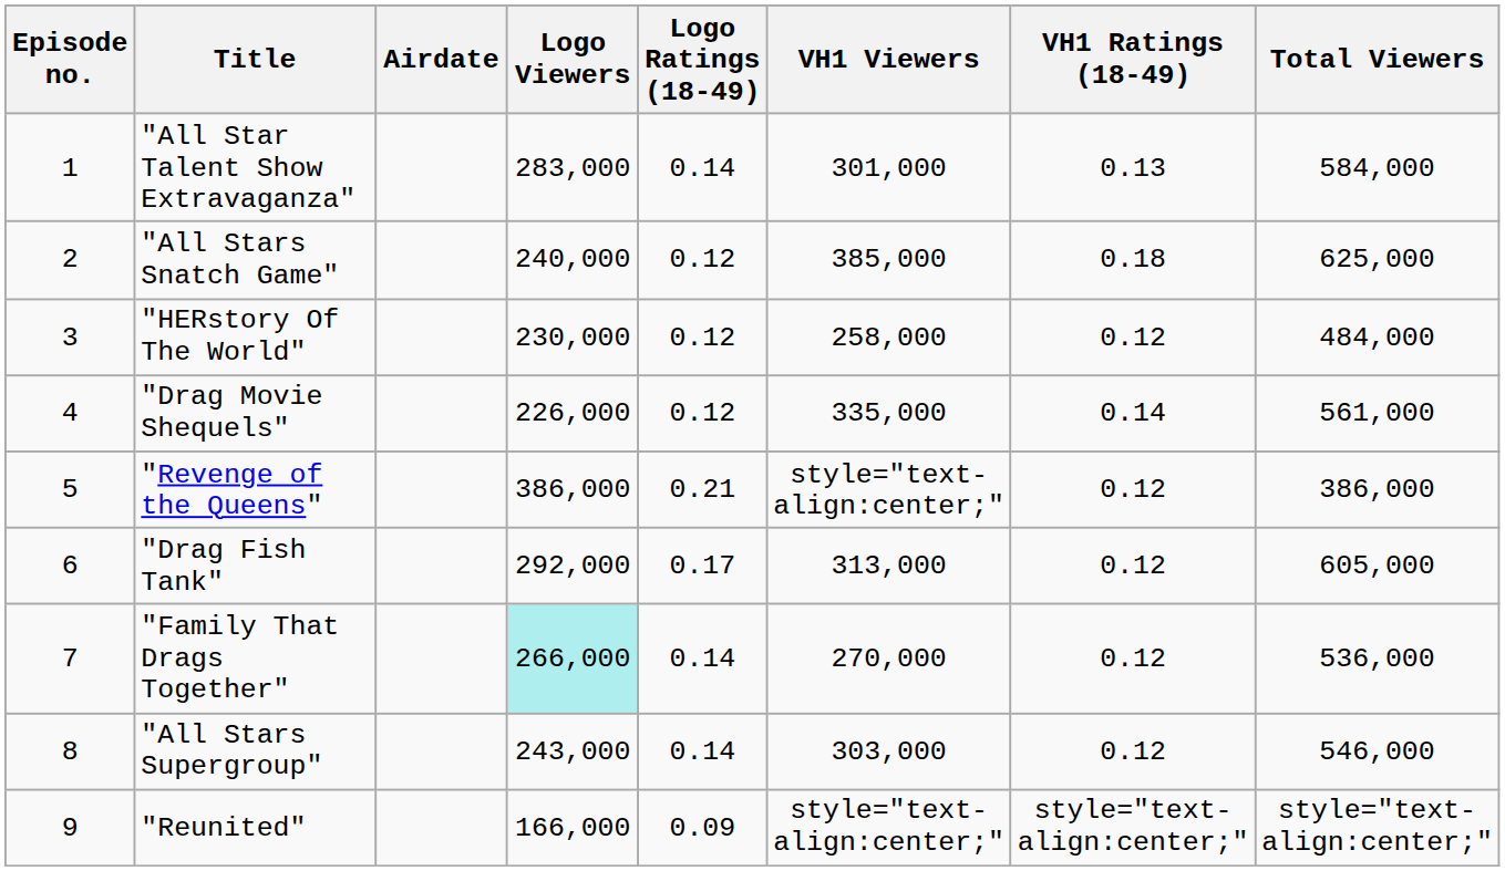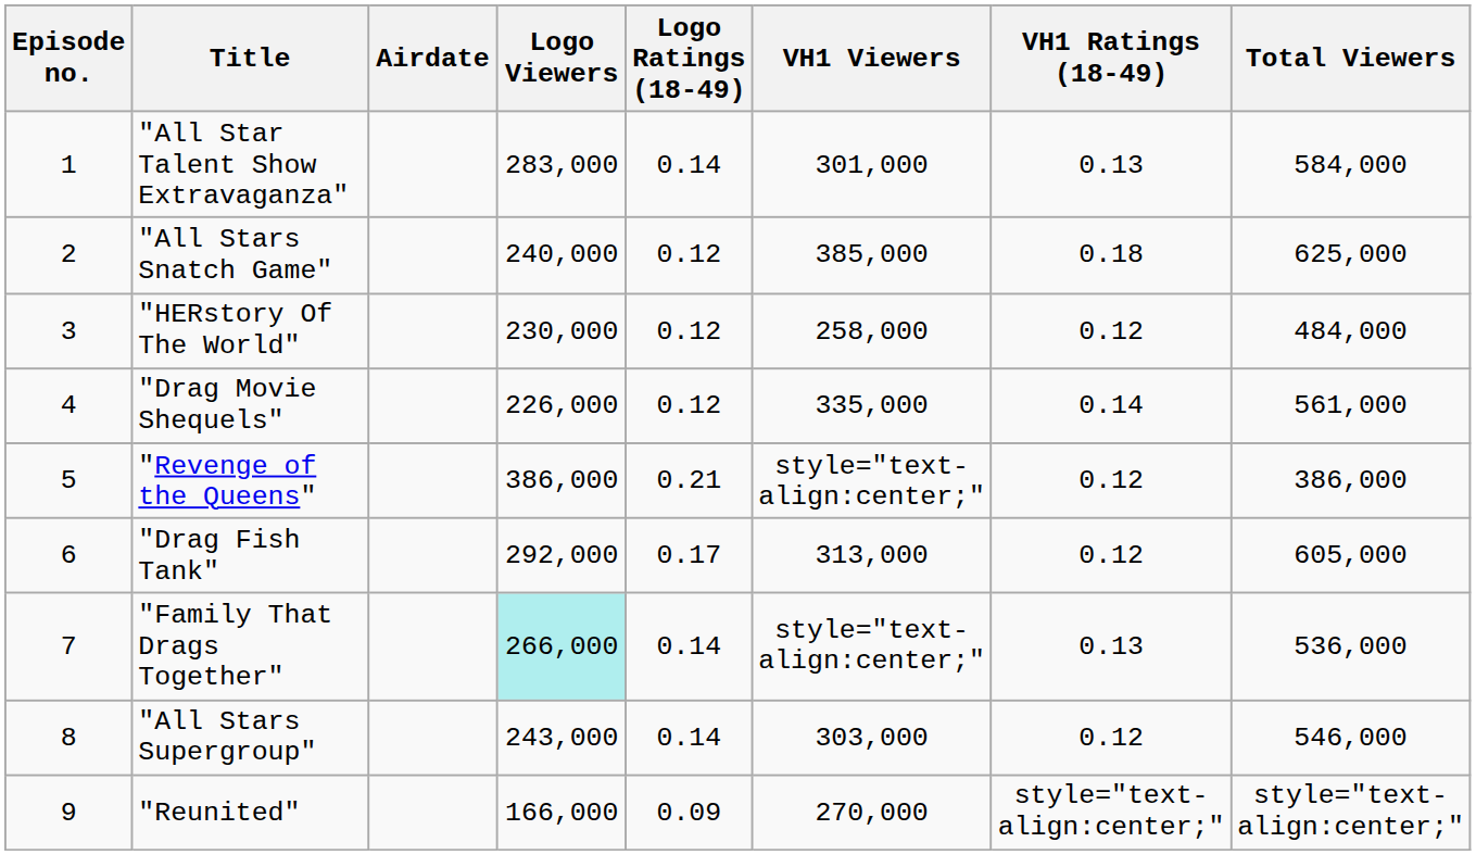 <table class="wikitable sortable" style="text-align:center; width:80%">
 <tr>
 <th style="text-align:center; width:10%">Episode no.</th>
 <th style="width:55%">Title</th>
 <th style="width:20%">Airdate</th>
 <th style="text-align:center; width:20%" data-sort-type="number">Logo Viewers<br></th>
 <th style="text-align:center; width:20%" data-sort-type="number">Logo Ratings<br> (18-49)</th>
 <th style="text-align:center; width:20%" data-sort-type="number">VH1 Viewers<br></th>
 <th style="text-align:center; width:20%" data-sort-type="number">VH1 Ratings<br> (18-49)</th>
 <th style="text-align:center; width:20%" data-sort-type="number">Total Viewers<br></th>
 </tr>
 <tr>
 <td>1</td>
 <td style="text-align:left;">"All Star Talent Show Extravaganza"</td>
 <td style="text-align:left;"></td>
 <td style="text-align:center;">283,000</td>
 <td style="text-align:center;">0.14</td>
 <td style="text-align:center;">301,000</td>
 <td style="text-align:center;">0.13</td>
 <td style="text-align:center;">584,000</td>
 </tr>
 <tr>
 <td>2</td>
 <td style="text-align:left;">"All Stars Snatch Game"</td>
 <td style="text-align:left;"></td>
 <td style="text-align:center;">240,000</td>
 <td style="text-align:center;">0.12</td>
 <td style="text-align:center;">385,000</td>
 <td style="text-align:center;">0.18</td>
 <td style="text-align:center;">625,000</td>
 </tr>
 <tr>
 <td>3</td>
 <td style="text-align:left;">"HERstory Of The World"</td>
 <td style="text-align:left;"></td>
 <td style="text-align:center;">230,000</td>
 <td style="text-align:center;">0.12</td>
 <td style="text-align:center;">258,000</td>
 <td style="text-align:center;">0.12</td>
 <td style="text-align:center;">484,000</td>
 </tr>
 <tr>
 <td>4</td>
 <td style="text-align:left;">"Drag Movie Shequels"</td>
 <td style="text-align:left;"></td>
 <td style="text-align:center;">226,000</td>
 <td style="text-align:center;">0.12</td>
 <td style="text-align:center;">335,000</td>
 <td style="text-align:center;">0.14</td>
 <td style="text-align:center;">561,000</td>
 </tr>
 <tr>
 <td>5</td>
 <td style="text-align:left;">"<a href='#'>Revenge of the Queens</a>"</td>
 <td style="text-align:left;"></td>
 <td style="text-align:center;">386,000</td>
 <td style="text-align:center;">0.21</td>
 <td>style="text-align:center;" </td>
 <td style="text-align:center;">0.12</td>
 <td style="text-align:center;">386,000</td>
 </tr>
 <tr>
 <td>6</td>
 <td style="text-align:left;">"Drag Fish Tank"</td>
 <td style="text-align:left;"></td>
 <td style="text-align:center;">292,000</td>
 <td style="text-align:center;">0.17</td>
 <td style="text-align:center;">313,000</td>
 <td style="text-align:center;">0.12</td>
 <td style="text-align:center;">605,000</td>
 </tr>
 <tr>
 <td>7</td>
 <td style="text-align:left;">"Family That Drags Together"</td>
 <td style="text-align:left;"></td>
 <td style="background: paleturquoise; text-align:center;">266,000</td>
 <td style="text-align:center;">0.14</td>
-<td style="text-align:center;">270,000</td>
-<td style="text-align:center;">0.12</td>
+<td>style="text-align:center;" </td>
+<td style="text-align:center;">0.13</td>
 <td style="text-align:center;">536,000</td>
 </tr>
 <tr>
 <td>8</td>
 <td style="text-align:left;">"All Stars Supergroup"</td>
 <td style="text-align:left;"></td>
 <td style="text-align:center;">243,000</td>
 <td style="text-align:center;">0.14</td>
 <td style="text-align:center;">303,000</td>
 <td style="text-align:center;">0.12</td>
 <td style="text-align:center;">546,000</td>
 </tr>
 <tr>
 <td>9</td>
 <td style="text-align:left;">"Reunited"</td>
 <td style="text-align:left;"></td>
 <td style="text-align:center;">166,000</td>
 <td style="text-align:center;">0.09</td>
-<td>style="text-align:center;" </td>
+<td style="text-align:center;">270,000</td>
 <td>style="text-align:center;" </td>
 <td>style="text-align:center;" </td>
 </tr>
 </table>
